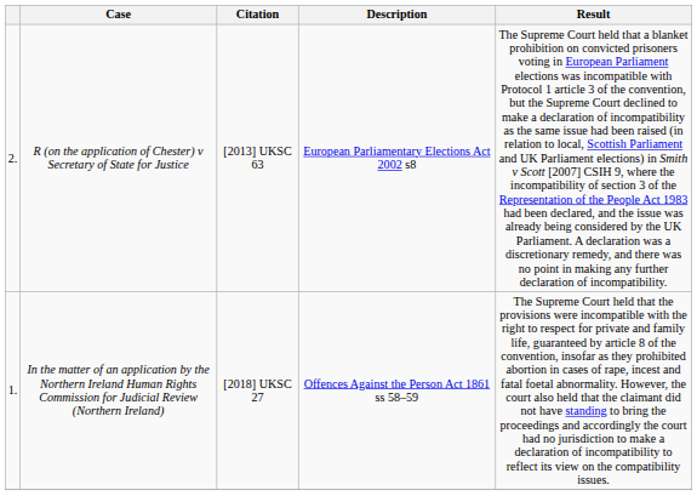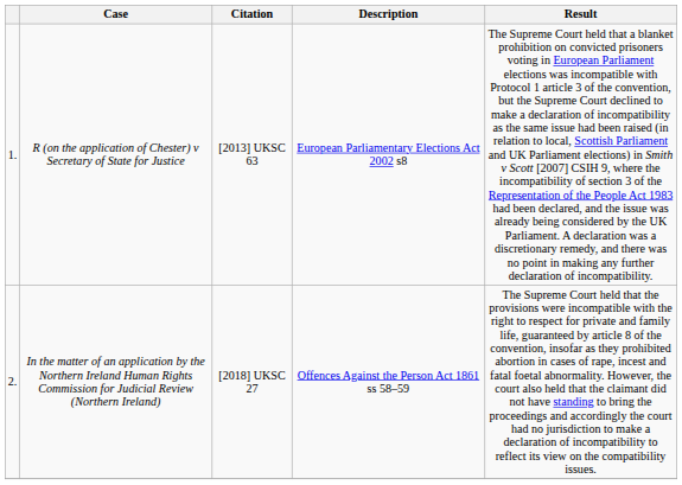 <table class="wikitable sortable" style="text-align: center">
 <tr>
 <th width="5pt"></th>
 <th width="250pt">Case</th>
 <th width="100pt">Citation</th>
 <th width="250pt">Description</th>
 <th width="250pt">Result</th>
 </tr>
 <tr>
-<td>2.</td>
+<td>1.</td>
 <td><em>R (on the application of Chester) v Secretary of State for Justice</em></td>
 <td>[2013] UKSC 63</td>
 <td><a href='#'>European Parliamentary Elections Act 2002</a> s8</td>
 <td>The Supreme Court held that a blanket prohibition on convicted prisoners voting in <a href='#'>European Parliament</a> elections was incompatible with Protocol 1 article 3 of the convention, but the Supreme Court declined to make a declaration of incompatibility as the same issue had been raised (in relation to local, <a href='#'>Scottish Parliament</a> and UK Parliament elections) in <em>Smith v Scott</em> [2007] CSIH 9, where the incompatibility of section 3 of the <a href='#'>Representation of the People Act 1983</a> had been declared, and the issue was already being considered by the UK Parliament. A declaration was a discretionary remedy, and there was no point in making any further declaration of incompatibility.</td>
 </tr>
 <tr>
-<td>1.</td>
+<td>2.</td>
 <td><em>In the matter of an application by the Northern Ireland Human Rights Commission for Judicial Review (Northern Ireland)</em></td>
 <td>[2018] UKSC 27</td>
 <td><a href='#'>Offences Against the Person Act 1861</a> ss 58–59</td>
 <td>The Supreme Court held that the provisions were incompatible with the right to respect for private and family life, guaranteed by article 8 of the convention, insofar as they prohibited abortion in cases of rape, incest and fatal foetal abnormality. However, the court also held that the claimant did not have <a href='#'>standing</a> to bring the proceedings and accordingly the court had no jurisdiction to make a declaration of incompatibility to reflect its view on the compatibility issues.</td>
 </tr>
 <tr>
 </tr>
 </table>
